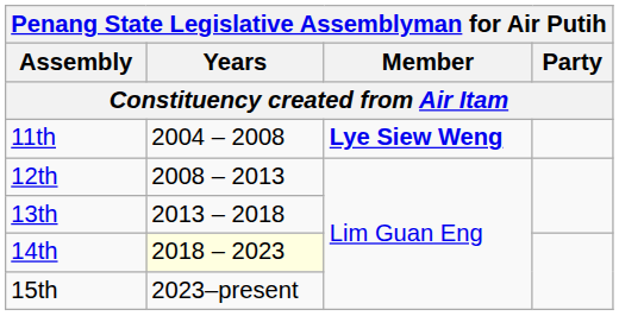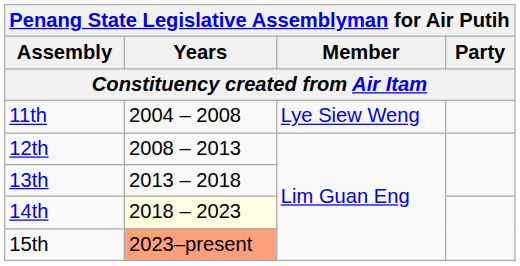 <table class="wikitable">
 <tr>
 <th colspan="4"><a href='#'>Penang State Legislative Assemblyman</a> for Air Putih</th>
 </tr>
 <tr>
 <th>Assembly</th>
 <th>Years</th>
 <th>Member</th>
 <th>Party</th>
 </tr>
 <tr>
 <th colspan="4" align="center"><em>Constituency created from <a href='#'>Air Itam</a></em></th>
 </tr>
 <tr>
 <td><a href='#'>11th</a></td>
 <td>2004 – 2008</td>
-<td><strong><a href='#'>Lye Siew Weng</a></strong></td>
+<td><a href='#'>Lye Siew Weng</a></td>
 <td></td>
 </tr>
 <tr>
 <td><a href='#'>12th</a></td>
 <td>2008 – 2013</td>
 <td rowspan="4"><a href='#'>Lim Guan Eng</a></td>
 <td rowspan="2"></td>
 </tr>
 <tr>
 <td><a href='#'>13th</a></td>
 <td>2013 – 2018</td>
 </tr>
 <tr>
 <td><a href='#'>14th</a></td>
 <td style="background: lightyellow;">2018 – 2023</td>
 <td rowspan=2></td>
 </tr>
 <tr>
 <td>15th</td>
-<td>2023–present</td>
+<td style="background: lightsalmon;">2023–present</td>
 </tr>
 </table>
